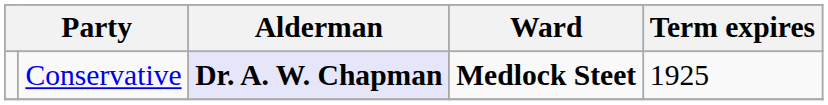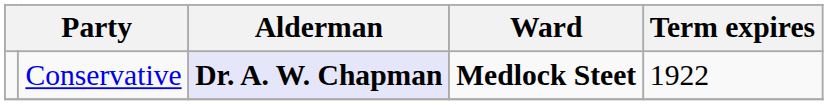 <table class="wikitable">
 <tr>
 <th colspan="2">Party</th>
 <th>Alderman</th>
 <th>Ward</th>
 <th>Term expires</th>
 </tr>
 <tr>
 <td style="background-color:"></td>
 <td><a href='#'>Conservative</a></td>
 <td style="background: lavender;"><strong>Dr. A. W. Chapman</strong></td>
 <td><strong>Medlock Steet</strong></td>
-<td>1925</td>
+<td>1922</td>
 </tr>
 <tr>
 </tr>
 </table>
